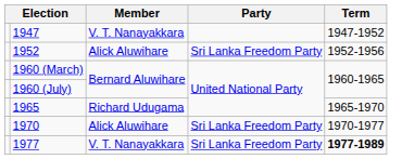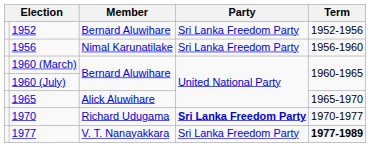 <table class="wikitable">
 <tr>
 <th colspan="2">Election</th>
 <th>Member</th>
 <th>Party</th>
 <th>Term</th>
 </tr>
 <tr>
 <td style="background-color: "></td>
-<td><a href='#'>1947</a></td>
-<td><a href='#'>V. T. Nanayakkara</a></td>
-<td></td>
-<td>1947-1952</td>
+<td><a href='#'>1952</a></td>
+<td><a href='#'>Bernard Aluwihare</a></td>
+<td><a href='#'>Sri Lanka Freedom Party</a></td>
+<td>1952-1956</td>
 </tr>
 <tr>
 <td style="background-color: "></td>
-<td><a href='#'>1952</a></td>
-<td><a href='#'>Alick Aluwihare</a></td>
+<td><a href='#'>1956</a></td>
+<td><a href='#'>Nimal Karunatilake</a></td>
 <td><a href='#'>Sri Lanka Freedom Party</a></td>
-<td>1952-1956</td>
+<td>1956-1960</td>
 </tr>
 <tr>
 <td style="background-color: "></td>
 <td><a href='#'>1960 (March)</a></td>
 <td rowspan ="2"><a href='#'>Bernard Aluwihare</a></td>
 <td rowspan ="3"><a href='#'>United National Party</a></td>
 <td rowspan ="2">1960-1965</td>
 </tr>
 <tr>
 <td style="background-color: "></td>
 <td><a href='#'>1960 (July)</a></td>
 </tr>
 <tr>
 <td style="background-color: "></td>
 <td><a href='#'>1965</a></td>
-<td><a href='#'>Richard Udugama</a></td>
+<td><a href='#'>Alick Aluwihare</a></td>
 <td>1965-1970</td>
 </tr>
 <tr>
 <td style="background-color: "></td>
 <td><a href='#'>1970</a></td>
-<td><a href='#'>Alick Aluwihare</a></td>
-<td><a href='#'>Sri Lanka Freedom Party</a></td>
+<td><a href='#'>Richard Udugama</a></td>
+<td><strong><a href='#'>Sri Lanka Freedom Party</a></strong></td>
 <td>1970-1977</td>
 </tr>
 <tr>
 <td style="background-color: "></td>
 <td><a href='#'>1977</a></td>
 <td><a href='#'>V. T. Nanayakkara</a></td>
 <td><a href='#'>Sri Lanka Freedom Party</a></td>
 <td><strong>1977-1989</strong></td>
 </tr>
 </table>
